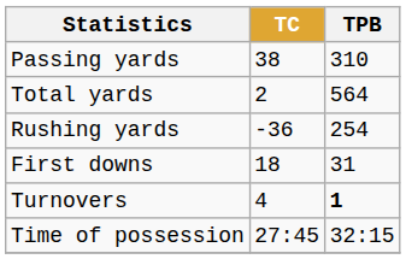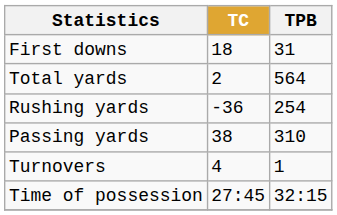 <table class="wikitable" style="float: left;">
 <tr>
 <th>Statistics</th>
 <th style="background:#DFA632; color:white; ">TC</th>
 <th>TPB</th>
 </tr>
 <tr>
-<td>Passing yards</td>
-<td>38</td>
-<td>310</td>
+<td>First downs</td>
+<td>18</td>
+<td>31</td>
 </tr>
 <tr>
 <td>Total yards</td>
 <td>2</td>
 <td>564</td>
 </tr>
 <tr>
 <td>Rushing yards</td>
 <td>-36</td>
 <td>254</td>
 </tr>
 <tr>
-<td>First downs</td>
-<td>18</td>
-<td>31</td>
+<td>Passing yards</td>
+<td>38</td>
+<td>310</td>
 </tr>
 <tr>
 <td>Turnovers</td>
 <td>4</td>
-<td><strong>1</strong></td>
+<td>1</td>
 </tr>
 <tr>
 <td>Time of possession</td>
 <td>27:45</td>
 <td>32:15</td>
 </tr>
 <tr>
 </tr>
 </table>
